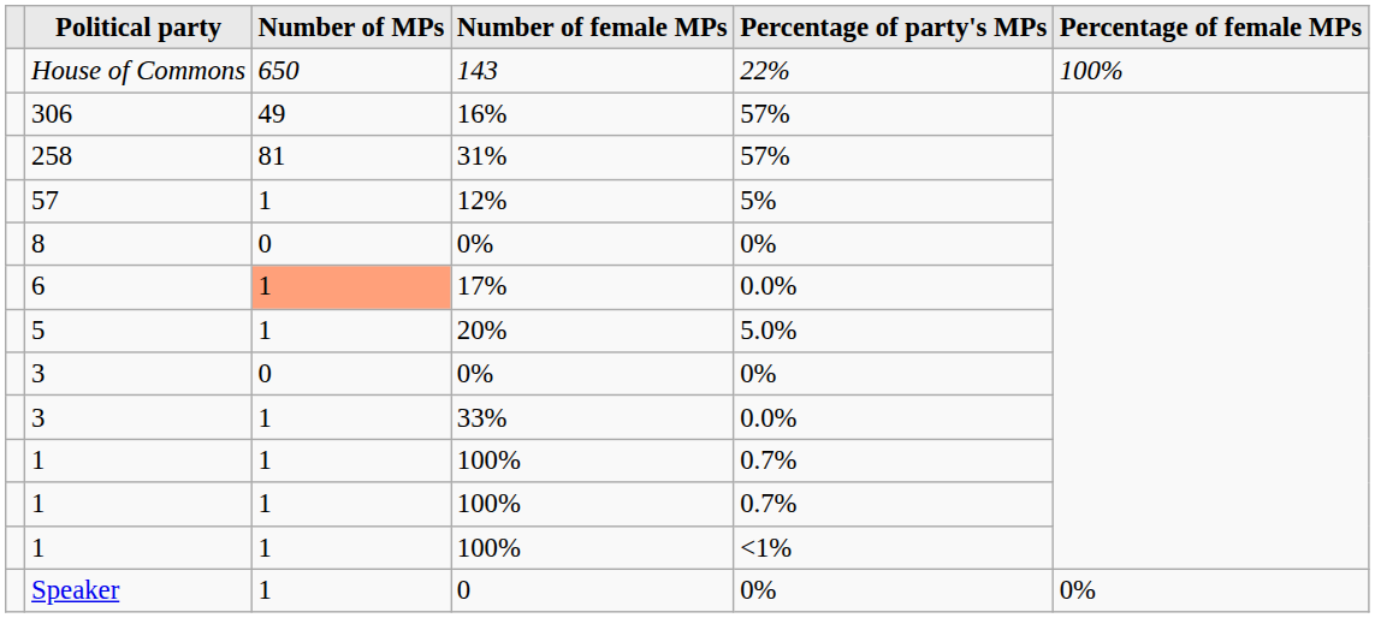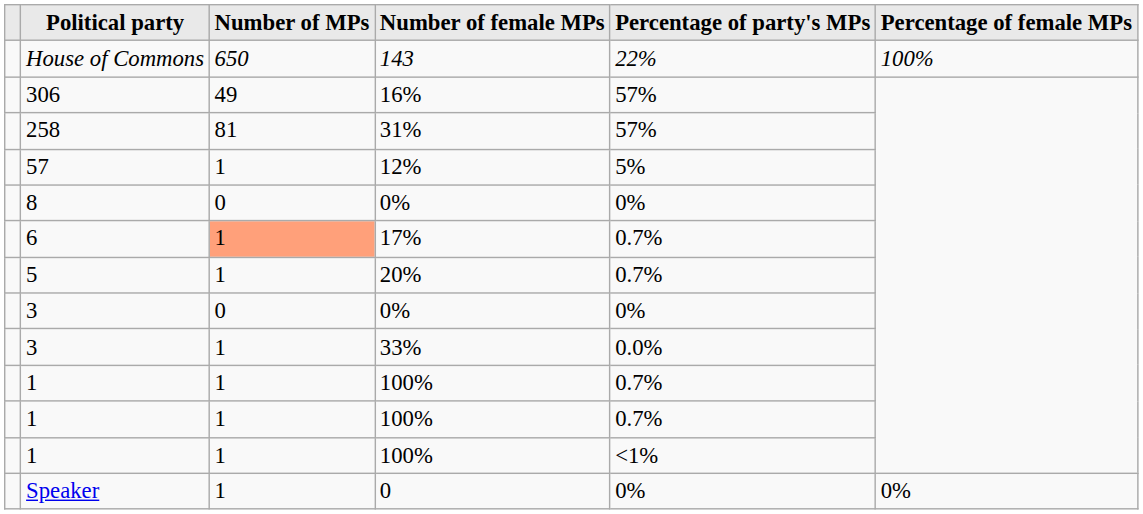 <table class="wikitable sortable">
 <tr>
 <th style="background-color:#E9E9E9" class="unsortable"></th>
 <th style="background-color:#E9E9E9" align=center>Political party<br></th>
 <th style="background-color:#E9E9E9" align=center>Number of MPs</th>
 <th style="background-color:#E9E9E9" align=center>Number of female MPs</th>
 <th style="background-color:#E9E9E9" align=center>Percentage of party's MPs</th>
 <th style="background-color:#E9E9E9" align=center>Percentage of female MPs</th>
 </tr>
 <tr>
 <td></td>
 <td><em>House of Commons</em></td>
 <td><em>650</em></td>
 <td><em>143</em></td>
 <td><em>22%</em></td>
 <td><em>100%</em></td>
 </tr>
 <tr>
 <td></td>
 <td>306</td>
 <td>49</td>
 <td>16%</td>
 <td>57%</td>
 </tr>
 <tr>
 <td></td>
 <td>258</td>
 <td>81</td>
 <td>31%</td>
 <td>57%</td>
 </tr>
 <tr>
 <td></td>
 <td>57</td>
 <td>1</td>
 <td>12%</td>
 <td>5%</td>
 </tr>
 <tr>
 <td></td>
 <td>8</td>
 <td>0</td>
 <td>0%</td>
 <td>0%</td>
 </tr>
 <tr>
 <td></td>
 <td>6</td>
 <td style="background: lightsalmon;">1</td>
 <td>17%</td>
-<td>0.0%</td>
+<td>0.7%</td>
 </tr>
 <tr>
 <td></td>
 <td>5</td>
 <td>1</td>
 <td>20%</td>
-<td>5.0%</td>
+<td>0.7%</td>
 </tr>
 <tr>
 <td></td>
 <td>3</td>
 <td>0</td>
 <td>0%</td>
 <td>0%</td>
 </tr>
 <tr>
 <td></td>
 <td>3</td>
 <td>1</td>
 <td>33%</td>
 <td>0.0%</td>
 </tr>
 <tr>
 <td></td>
 <td>1</td>
 <td>1</td>
 <td>100%</td>
 <td>0.7%</td>
 </tr>
 <tr>
 <td></td>
 <td>1</td>
 <td>1</td>
 <td>100%</td>
 <td>0.7%</td>
 </tr>
 <tr>
 <td></td>
 <td>1</td>
 <td>1</td>
 <td>100%</td>
 <td><1%</td>
 </tr>
 <tr>
 <td style="background-color:"> </td>
 <td><a href='#'>Speaker</a><br></td>
 <td>1</td>
 <td>0</td>
 <td>0%</td>
 <td>0%</td>
 </tr>
 </table>
